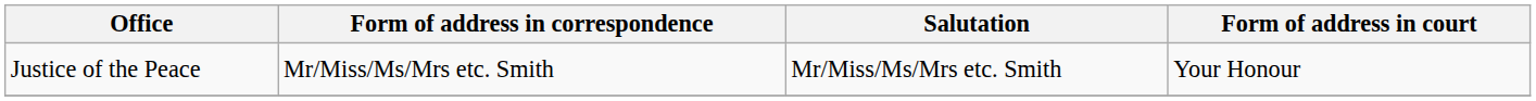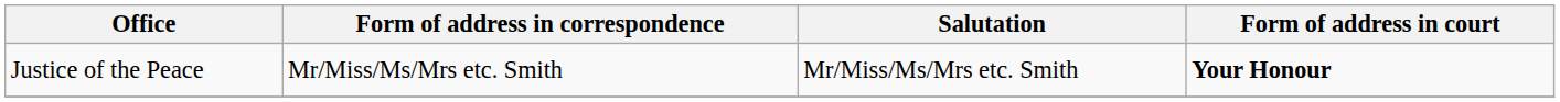 <table class="wikitable" style="width: 80%;">
 <tr style="height: 25px;">
 <th>Office</th>
 <th>Form of address in correspondence</th>
 <th>Salutation</th>
 <th>Form of address in court</th>
 </tr>
 <tr style="height: 35px;">
 <td>Justice of the Peace</td>
 <td>Mr/Miss/Ms/Mrs etc. Smith</td>
 <td>Mr/Miss/Ms/Mrs etc. Smith</td>
-<td>Your Honour</td>
+<td><strong>Your Honour</strong></td>
 </tr>
 <tr>
 </tr>
 </table>
